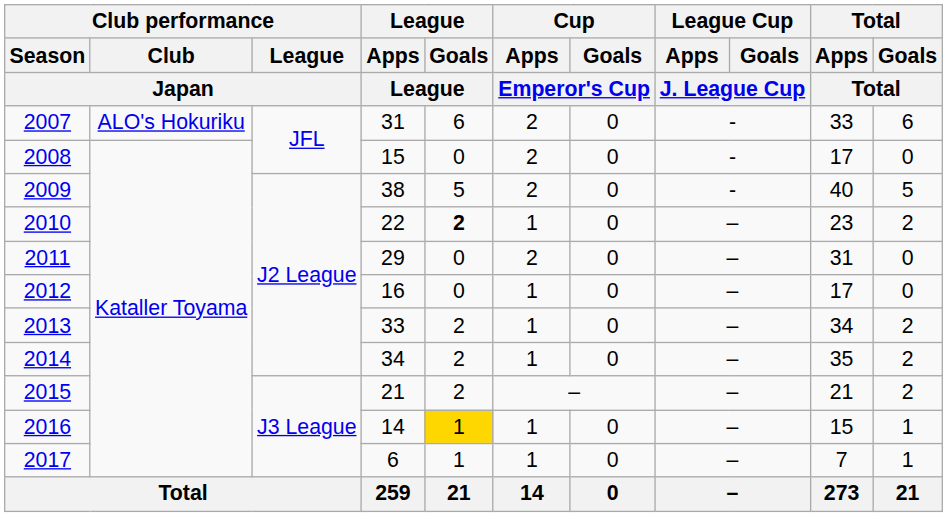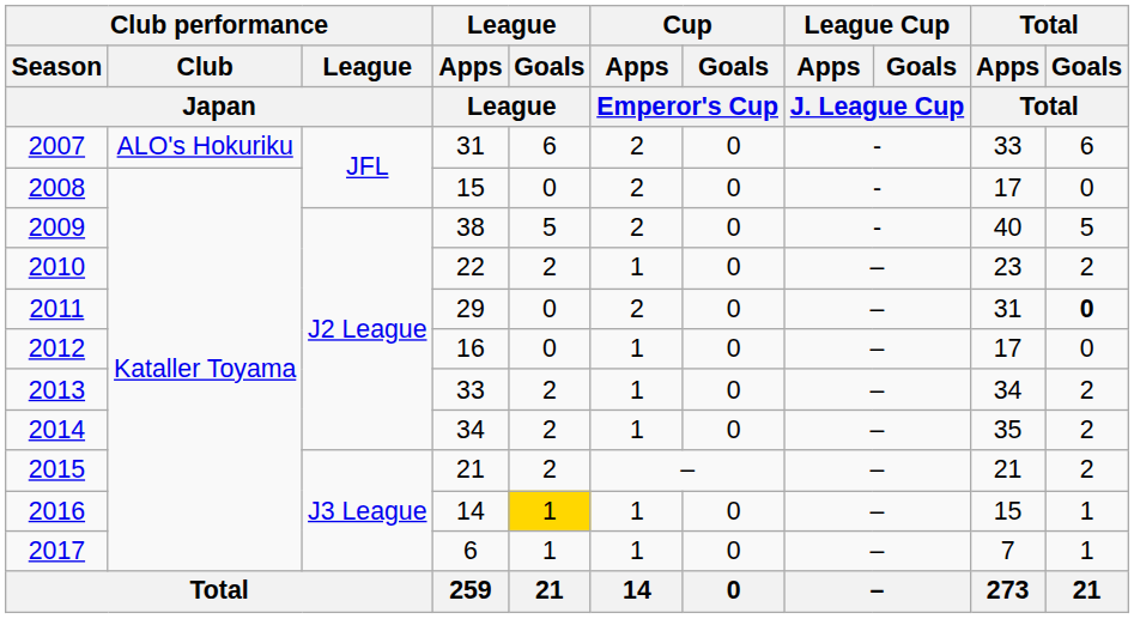 <table class="wikitable" style="text-align:center;">
 <tr>
 <th colspan=3>Club performance</th>
 <th colspan=2>League</th>
 <th colspan=2>Cup</th>
 <th colspan=2>League Cup</th>
 <th colspan=2>Total</th>
 </tr>
 <tr>
 <th>Season</th>
 <th>Club</th>
 <th>League</th>
 <th>Apps</th>
 <th>Goals</th>
 <th>Apps</th>
 <th>Goals</th>
 <th>Apps</th>
 <th>Goals</th>
 <th>Apps</th>
 <th>Goals</th>
 </tr>
 <tr>
 <th colspan=3>Japan</th>
 <th colspan=2>League</th>
 <th colspan=2><a href='#'>Emperor's Cup</a></th>
 <th colspan=2><a href='#'>J. League Cup</a></th>
 <th colspan=2>Total</th>
 </tr>
 <tr>
 <td><a href='#'>2007</a></td>
 <td><a href='#'>ALO's Hokuriku</a></td>
 <td rowspan=2><a href='#'>JFL</a></td>
 <td>31</td>
 <td>6</td>
 <td>2</td>
 <td>0</td>
 <td colspan=2>-</td>
 <td>33</td>
 <td>6</td>
 </tr>
 <tr>
 <td><a href='#'>2008</a></td>
 <td rowspan=10><a href='#'>Kataller Toyama</a></td>
 <td>15</td>
 <td>0</td>
 <td>2</td>
 <td>0</td>
 <td colspan=2>-</td>
 <td>17</td>
 <td>0</td>
 </tr>
 <tr>
 <td><a href='#'>2009</a></td>
 <td rowspan=6><a href='#'>J2 League</a></td>
 <td>38</td>
 <td>5</td>
 <td>2</td>
 <td>0</td>
 <td colspan=2>-</td>
 <td>40</td>
 <td>5</td>
 </tr>
 <tr>
 <td><a href='#'>2010</a></td>
 <td>22</td>
-<td><strong>2</strong></td>
+<td>2</td>
 <td>1</td>
 <td>0</td>
 <td colspan=2>–</td>
 <td>23</td>
 <td>2</td>
 </tr>
 <tr>
 <td><a href='#'>2011</a></td>
 <td>29</td>
 <td>0</td>
 <td>2</td>
 <td>0</td>
 <td colspan=2>–</td>
 <td>31</td>
-<td>0</td>
+<td><strong>0</strong></td>
 </tr>
 <tr>
 <td><a href='#'>2012</a></td>
 <td>16</td>
 <td>0</td>
 <td>1</td>
 <td>0</td>
 <td colspan=2>–</td>
 <td>17</td>
 <td>0</td>
 </tr>
 <tr>
 <td><a href='#'>2013</a></td>
 <td>33</td>
 <td>2</td>
 <td>1</td>
 <td>0</td>
 <td colspan="2">–</td>
 <td>34</td>
 <td>2</td>
 </tr>
 <tr>
 <td><a href='#'>2014</a></td>
 <td>34</td>
 <td>2</td>
 <td>1</td>
 <td>0</td>
 <td colspan="2">–</td>
 <td>35</td>
 <td>2</td>
 </tr>
 <tr>
 <td><a href='#'>2015</a></td>
 <td rowspan="3"><a href='#'>J3 League</a></td>
 <td>21</td>
 <td>2</td>
 <td colspan="2">–</td>
 <td colspan="2">–</td>
 <td>21</td>
 <td>2</td>
 </tr>
 <tr>
 <td><a href='#'>2016</a></td>
 <td>14</td>
 <td style="background: gold;">1</td>
 <td>1</td>
 <td>0</td>
 <td colspan="2">–</td>
 <td>15</td>
 <td>1</td>
 </tr>
 <tr>
 <td><a href='#'>2017</a></td>
 <td>6</td>
 <td>1</td>
 <td>1</td>
 <td>0</td>
 <td colspan="2">–</td>
 <td>7</td>
 <td>1</td>
 </tr>
 <tr>
 <th colspan=3>Total</th>
 <th>259</th>
 <th>21</th>
 <th>14</th>
 <th>0</th>
 <th colspan="2">–</th>
 <th>273</th>
 <th>21</th>
 </tr>
 </table>
